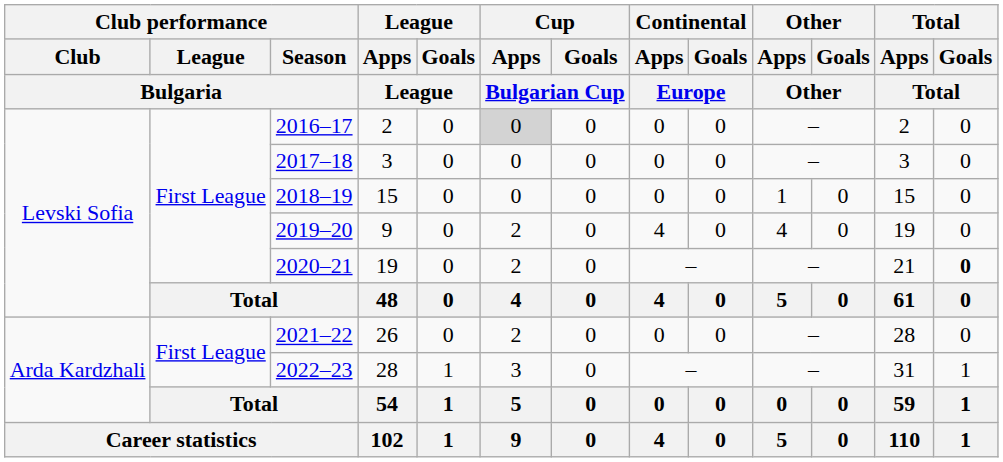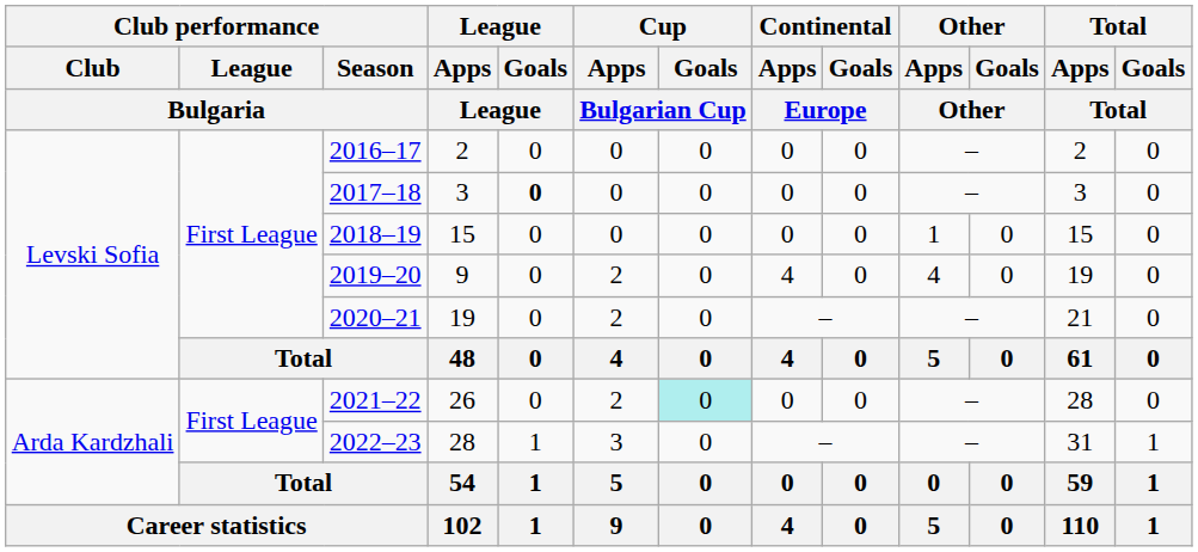 <table class="wikitable" style="text-align: center">
 <tr>
 <th Colspan="3">Club performance</th>
 <th Colspan="2">League</th>
 <th Colspan="2">Cup</th>
 <th Colspan="2">Continental</th>
 <th Colspan="2">Other</th>
 <th Colspan="3">Total</th>
 </tr>
 <tr>
 <th>Club</th>
 <th>League</th>
 <th>Season</th>
 <th>Apps</th>
 <th>Goals</th>
 <th>Apps</th>
 <th>Goals</th>
 <th>Apps</th>
 <th>Goals</th>
 <th>Apps</th>
 <th>Goals</th>
 <th>Apps</th>
 <th>Goals</th>
 </tr>
 <tr>
 <th Colspan="3">Bulgaria</th>
 <th Colspan="2">League</th>
 <th Colspan="2"><a href='#'>Bulgarian Cup</a></th>
 <th Colspan="2"><a href='#'>Europe</a></th>
 <th Colspan="2">Other</th>
 <th Colspan="2">Total</th>
 </tr>
 <tr>
 <td rowspan="6" valign="center"><a href='#'>Levski Sofia</a></td>
 <td rowspan="5"><a href='#'>First League</a></td>
 <td><a href='#'>2016–17</a></td>
 <td>2</td>
 <td>0</td>
-<td style="background: lightgrey;">0</td>
+<td>0</td>
 <td>0</td>
 <td>0</td>
 <td>0</td>
 <td colspan="2">–</td>
 <td>2</td>
 <td>0</td>
 </tr>
 <tr>
 <td><a href='#'>2017–18</a></td>
 <td>3</td>
-<td>0</td>
+<td><strong>0</strong></td>
 <td>0</td>
 <td>0</td>
 <td>0</td>
 <td>0</td>
 <td colspan="2">–</td>
 <td>3</td>
 <td>0</td>
 </tr>
 <tr>
 <td><a href='#'>2018–19</a></td>
 <td>15</td>
 <td>0</td>
 <td>0</td>
 <td>0</td>
 <td>0</td>
 <td>0</td>
 <td>1</td>
 <td>0</td>
 <td>15</td>
 <td>0</td>
 </tr>
 <tr>
 <td><a href='#'>2019–20</a></td>
 <td>9</td>
 <td>0</td>
 <td>2</td>
 <td>0</td>
 <td>4</td>
 <td>0</td>
 <td>4</td>
 <td>0</td>
 <td>19</td>
 <td>0</td>
 </tr>
 <tr>
 <td><a href='#'>2020–21</a></td>
 <td>19</td>
 <td>0</td>
 <td>2</td>
 <td>0</td>
 <td colspan="2">–</td>
 <td colspan="2">–</td>
 <td>21</td>
-<td><strong>0</strong></td>
+<td>0</td>
 </tr>
 <tr>
 <th colspan=2>Total</th>
 <th>48</th>
 <th>0</th>
 <th>4</th>
 <th>0</th>
 <th>4</th>
 <th>0</th>
 <th>5</th>
 <th>0</th>
 <th>61</th>
 <th>0</th>
 </tr>
 <tr>
 <td rowspan="3" valign="center"><a href='#'>Arda Kardzhali</a></td>
 <td rowspan="2"><a href='#'>First League</a></td>
 <td><a href='#'>2021–22</a></td>
 <td>26</td>
 <td>0</td>
 <td>2</td>
-<td>0</td>
+<td style="background: paleturquoise;">0</td>
 <td>0</td>
 <td>0</td>
 <td colspan="2">–</td>
 <td>28</td>
 <td>0</td>
 </tr>
 <tr>
 <td><a href='#'>2022–23</a></td>
 <td>28</td>
 <td>1</td>
 <td>3</td>
 <td>0</td>
 <td colspan="2">–</td>
 <td colspan="2">–</td>
 <td>31</td>
 <td>1</td>
 </tr>
 <tr>
 <th colspan=2>Total</th>
 <th>54</th>
 <th>1</th>
 <th>5</th>
 <th>0</th>
 <th>0</th>
 <th>0</th>
 <th>0</th>
 <th>0</th>
 <th>59</th>
 <th>1</th>
 </tr>
 <tr>
 <th colspan="3">Career statistics</th>
 <th>102</th>
 <th>1</th>
 <th>9</th>
 <th>0</th>
 <th>4</th>
 <th>0</th>
 <th>5</th>
 <th>0</th>
 <th>110</th>
 <th>1</th>
 </tr>
 </table>
